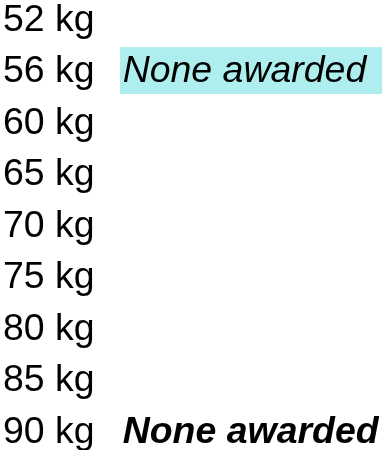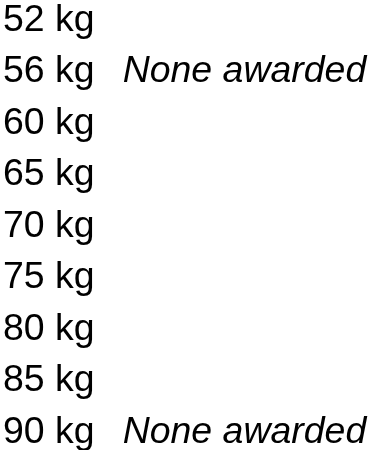 <table>
 <tr>
 <td>52 kg</td>
 <td></td>
 <td></td>
 <td></td>
 </tr>
 <tr>
 <td>56 kg</td>
 <td></td>
 <td></td>
-<td style="background: paleturquoise;"><em>None awarded</em></td>
+<td><em>None awarded</em></td>
 </tr>
 <tr>
 <td>60 kg</td>
 <td></td>
 <td></td>
 <td></td>
 </tr>
 <tr>
 <td>65 kg</td>
 <td></td>
 <td></td>
 <td></td>
 </tr>
 <tr>
 <td>70 kg</td>
 <td></td>
 <td></td>
 <td></td>
 </tr>
 <tr>
 <td>75 kg</td>
 <td></td>
 <td></td>
 <td></td>
 </tr>
 <tr>
 <td>80 kg</td>
 <td></td>
 <td></td>
 <td></td>
 </tr>
 <tr>
 <td>85 kg</td>
 <td></td>
 <td></td>
 <td></td>
 </tr>
 <tr>
 <td>90 kg</td>
 <td></td>
 <td></td>
-<td><strong><em>None awarded</em></strong></td>
+<td><em>None awarded</em></td>
 </tr>
 </table>
